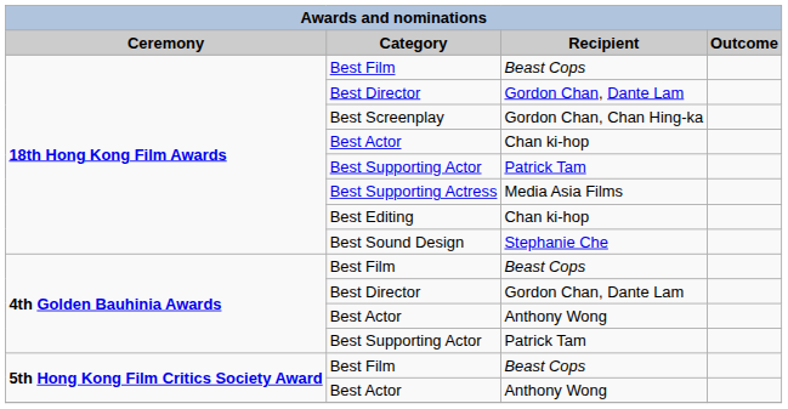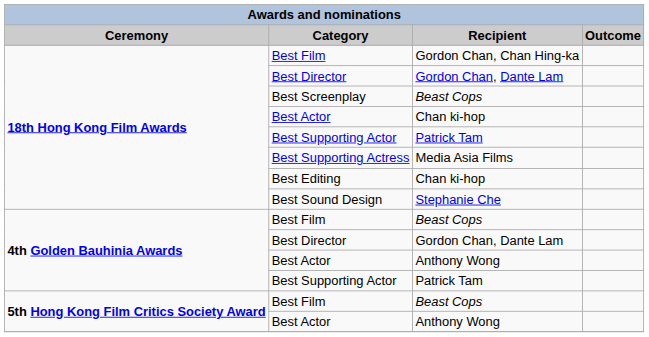 <table class="wikitable" style="font-size:95%;" ;>
 <tr style="background:#ccc; text-align:center;">
 <th colspan="4" style="background: LightSteelBlue;">Awards and nominations</th>
 </tr>
 <tr style="background:#ccc; text-align:center;">
 <th style="background:#ccc">Ceremony</th>
 <th style="background:#ccc">Category</th>
 <th style="background:#ccc">Recipient</th>
 <th style="background:#ccc">Outcome</th>
 </tr>
 <tr>
 <td rowspan=8><strong><a href='#'>18th Hong Kong Film Awards</a></strong></td>
 <td><a href='#'>Best Film</a></td>
-<td><em>Beast Cops</em></td>
+<td>Gordon Chan, Chan Hing-ka</td>
 <td></td>
 </tr>
 <tr>
 <td><a href='#'>Best Director</a></td>
 <td><a href='#'>Gordon Chan</a>, <a href='#'>Dante Lam</a></td>
 <td></td>
 </tr>
 <tr>
 <td>Best Screenplay</td>
-<td>Gordon Chan, Chan Hing-ka</td>
+<td><em>Beast Cops</em></td>
 <td></td>
 </tr>
 <tr>
 <td><a href='#'>Best Actor</a></td>
 <td>Chan ki-hop</td>
 <td></td>
 </tr>
 <tr>
 <td><a href='#'>Best Supporting Actor</a></td>
 <td><a href='#'>Patrick Tam</a></td>
 <td></td>
 </tr>
 <tr>
 <td><a href='#'>Best Supporting Actress</a></td>
 <td>Media Asia Films</td>
 <td></td>
 </tr>
 <tr>
 <td>Best Editing</td>
 <td>Chan ki-hop</td>
 <td></td>
 </tr>
 <tr>
 <td>Best Sound Design</td>
 <td><a href='#'>Stephanie Che</a></td>
 <td></td>
 </tr>
 <tr>
 <td rowspan=4><strong>4th <a href='#'>Golden Bauhinia Awards</a></strong></td>
 <td>Best Film</td>
 <td><em>Beast Cops</em></td>
 <td></td>
 </tr>
 <tr>
 <td>Best Director</td>
 <td>Gordon Chan, Dante Lam</td>
 <td></td>
 </tr>
 <tr>
 <td>Best Actor</td>
 <td>Anthony Wong</td>
 <td></td>
 </tr>
 <tr>
 <td>Best Supporting Actor</td>
 <td>Patrick Tam</td>
 <td></td>
 </tr>
 <tr>
 <td rowspan=2><strong>5th <a href='#'>Hong Kong Film Critics Society Award</a></strong></td>
 <td>Best Film</td>
 <td><em>Beast Cops</em></td>
 <td></td>
 </tr>
 <tr>
 <td>Best Actor</td>
 <td>Anthony Wong</td>
 <td></td>
 </tr>
 <tr>
 </tr>
 </table>
